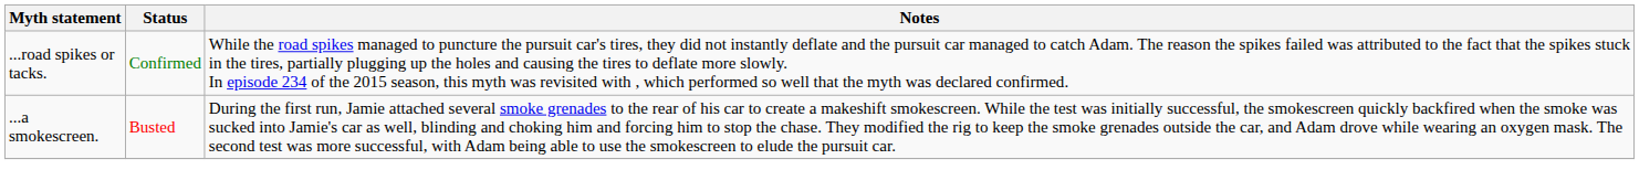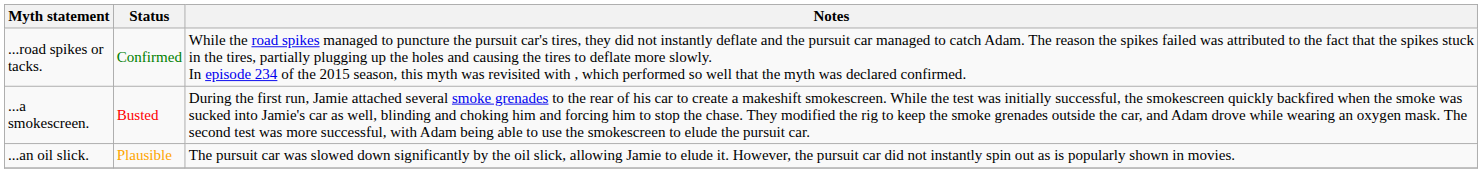 <table class="wikitable plainrowheaders">
 <tr>
 <th>Myth statement</th>
 <th>Status</th>
 <th>Notes</th>
 </tr>
 <tr>
 <td>...road spikes or tacks.</td>
 <td style="color:green">Confirmed</td>
 <td>While the <a href='#'>road spikes</a> managed to puncture the pursuit car's tires, they did not instantly deflate and the pursuit car managed to catch Adam. The reason the spikes failed was attributed to the fact that the spikes stuck in the tires, partially plugging up the holes and causing the tires to deflate more slowly.<br>In <a href='#'>episode 234</a> of the 2015 season, this myth was revisited with , which performed so well that the myth was declared confirmed.</td>
 </tr>
 <tr>
 <td>...a smokescreen.</td>
 <td style="color:red">Busted</td>
 <td>During the first run, Jamie attached several <a href='#'>smoke grenades</a> to the rear of his car to create a makeshift smokescreen. While the test was initially successful, the smokescreen quickly backfired when the smoke was sucked into Jamie's car as well, blinding and choking him and forcing him to stop the chase. They modified the rig to keep the smoke grenades outside the car, and Adam drove while wearing an oxygen mask. The second test was more successful, with Adam being able to use the smokescreen to elude the pursuit car.</td>
 </tr>
 <tr>
+<td>...an oil slick.</td>
+<td style="color:orange">Plausible</td>
+<td>The pursuit car was slowed down significantly by the oil slick, allowing Jamie to elude it. However, the pursuit car did not instantly spin out as is popularly shown in movies.</td>
+</tr>
+<tr>
 </tr>
 </table>
